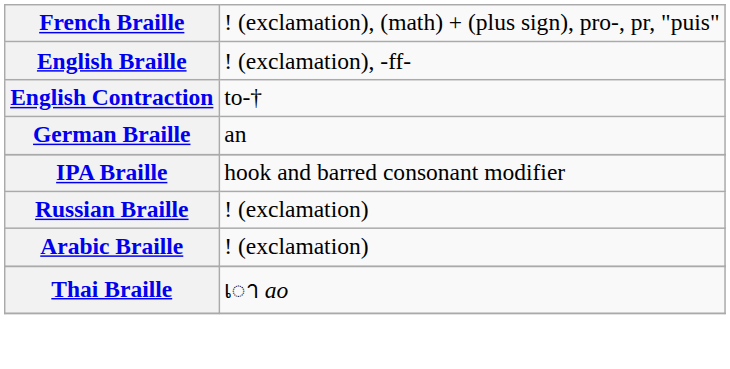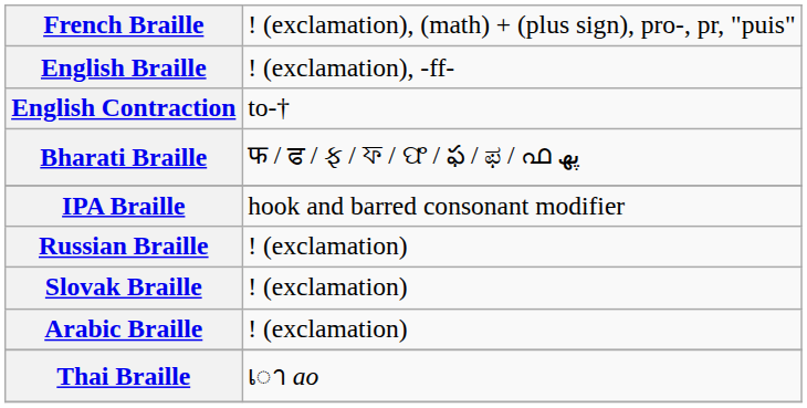 <table class="wikitable">
 <tr>
 <th align=left><a href='#'>French Braille</a></th>
 <td>! (exclamation), (math) + (plus sign), pro-, pr, "puis"</td>
 </tr>
 <tr>
 <th align=left><a href='#'>English Braille</a></th>
 <td>! (exclamation), -ff-</td>
 </tr>
 <tr>
 <th align=left><a href='#'>English Contraction</a></th>
 <td>to-†</td>
 </tr>
 <tr>
-<th align=left><a href='#'>German Braille</a></th>
-<td>an</td>
+<th align=left><a href='#'>Bharati Braille</a></th>
+<td>फ / ਫ / ફ / ফ / ଫ / ఫ / ಫ / ഫ پھ ‎</td>
 </tr>
 <tr>
 </tr>
 <tr>
 <th align=left><a href='#'>IPA Braille</a></th>
 <td>hook and barred consonant modifier</td>
 </tr>
 <tr>
 <th align=left><a href='#'>Russian Braille</a></th>
+<td>! (exclamation)</td>
+</tr>
+<tr>
+<th align=left><a href='#'>Slovak Braille</a></th>
 <td>! (exclamation)</td>
 </tr>
 <tr>
 <th align=left><a href='#'>Arabic Braille</a></th>
 <td>! (exclamation)</td>
 </tr>
 <tr>
 </tr>
 <tr>
 </tr>
 <tr>
 <th align=left><a href='#'>Thai Braille</a></th>
 <td>เ◌า <em>ao</em></td>
 </tr>
 <tr>
 </tr>
 </table>
